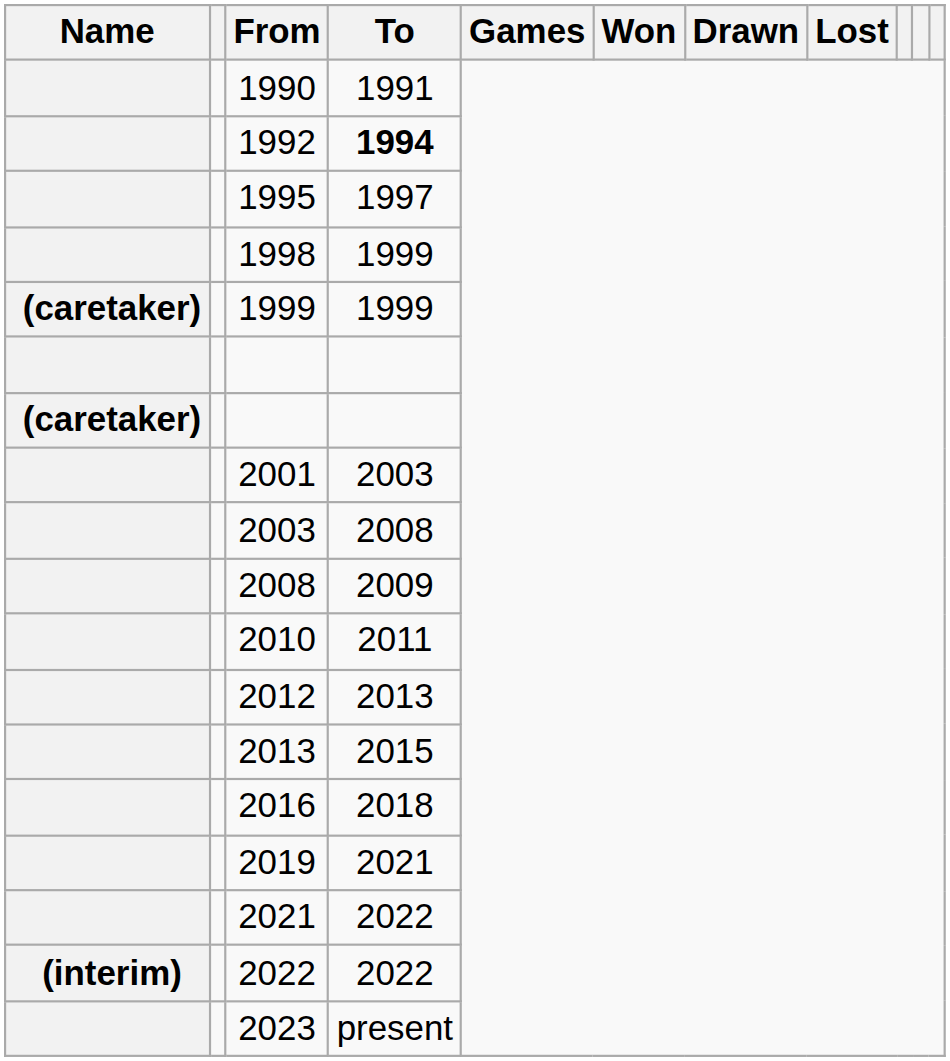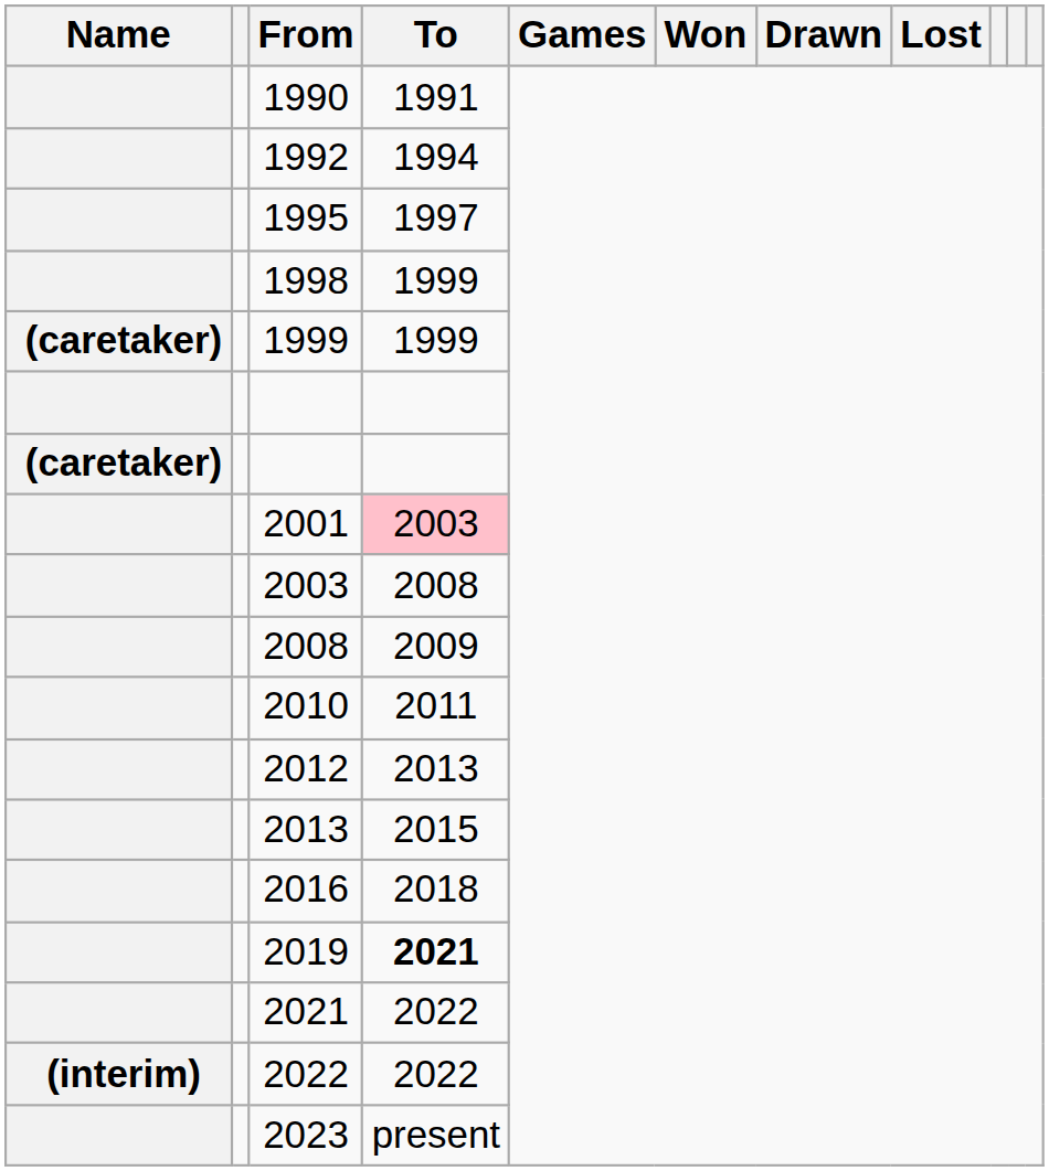 <table class="wikitable sortable " style="text-align: center; font-size: 100%;">
 <tr>
 <th scope=col>Name</th>
 <th scope=col></th>
 <th scope=col>From</th>
 <th scope=col>To</th>
 <th scope=col>Games</th>
 <th scope=col>Won</th>
 <th scope=col>Drawn</th>
 <th scope=col>Lost</th>
 <th scope=col></th>
 <th scope=col></th>
 <th scope=col></th>
 </tr>
 <tr>
 <th scope=row></th>
 <td></td>
 <td>1990</td>
 <td>1991<br></td>
 </tr>
 <tr>
 <th scope=row></th>
 <td></td>
 <td>1992</td>
-<td><strong>1994<br></strong></td>
+<td>1994<br></td>
 </tr>
 <tr>
 <th scope=row></th>
 <td></td>
 <td>1995</td>
 <td>1997<br></td>
 </tr>
 <tr>
 <th scope=row></th>
 <td></td>
 <td>1998</td>
 <td>1999<br></td>
 </tr>
 <tr>
 <th scope=row> (caretaker)</th>
 <td></td>
 <td>1999</td>
 <td>1999<br></td>
 </tr>
 <tr>
 <th scope=row></th>
 <td></td>
 <td></td>
 <td><br></td>
 </tr>
 <tr>
 <th scope=row> (caretaker)</th>
 <td></td>
 <td></td>
 <td><br></td>
 </tr>
 <tr>
 <th scope=row></th>
 <td></td>
 <td>2001</td>
-<td>2003<br></td>
+<td style="background: pink;">2003<br></td>
 </tr>
 <tr>
 <th scope=row></th>
 <td></td>
 <td>2003</td>
 <td>2008<br></td>
 </tr>
 <tr>
 <th scope=row></th>
 <td></td>
 <td>2008</td>
 <td>2009<br></td>
 </tr>
 <tr>
 <th scope=row></th>
 <td></td>
 <td>2010</td>
 <td>2011<br></td>
 </tr>
 <tr>
 <th scope=row></th>
 <td></td>
 <td>2012</td>
 <td>2013<br></td>
 </tr>
 <tr>
 <th scope=row></th>
 <td></td>
 <td>2013</td>
 <td>2015<br></td>
 </tr>
 <tr>
 <th scope=row></th>
 <td></td>
 <td>2016</td>
 <td>2018<br></td>
 </tr>
 <tr>
 <th scope=row></th>
 <td></td>
 <td>2019</td>
-<td>2021<br></td>
+<td><strong>2021<br></strong></td>
 </tr>
 <tr>
 <th scope=row></th>
 <td></td>
 <td>2021</td>
 <td>2022<br></td>
 </tr>
 <tr>
 <th scope=row> (interim)</th>
 <td></td>
 <td>2022</td>
 <td>2022<br></td>
 </tr>
 <tr>
 <th scope=row></th>
 <td></td>
 <td>2023</td>
 <td>present<br></td>
 </tr>
 </table>
